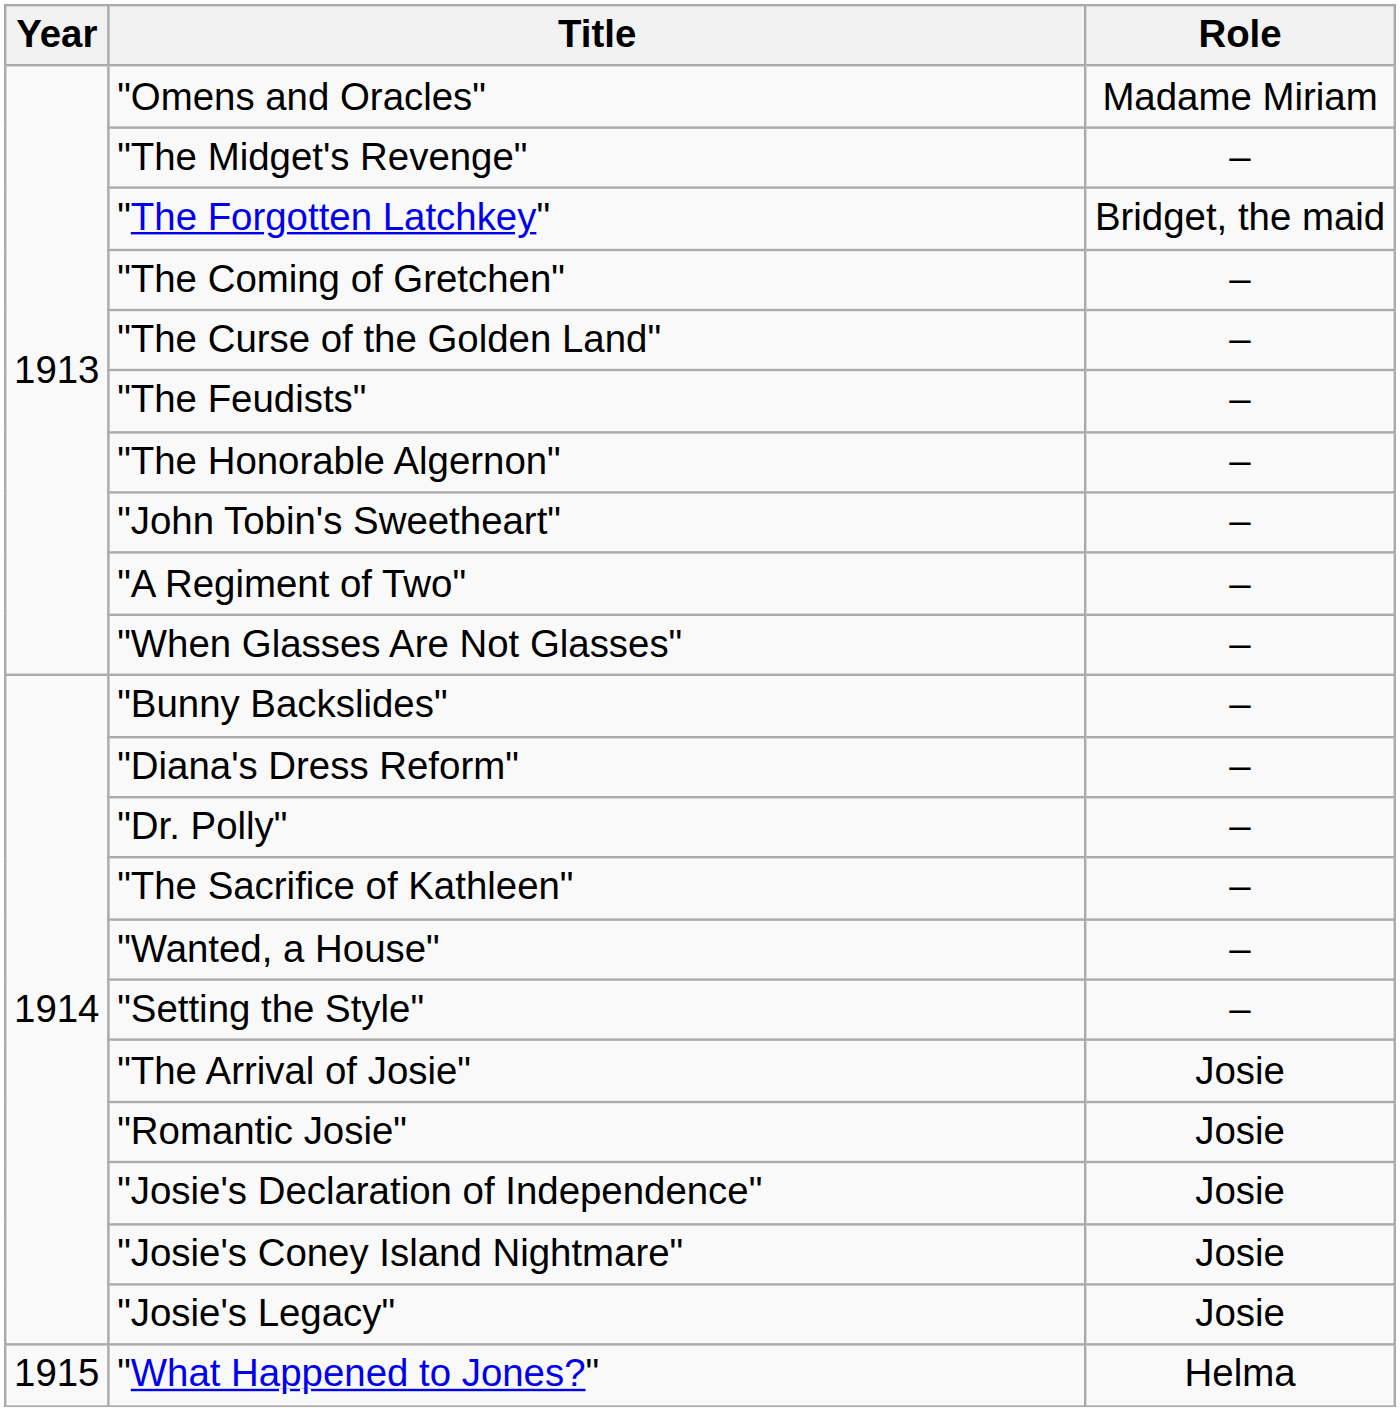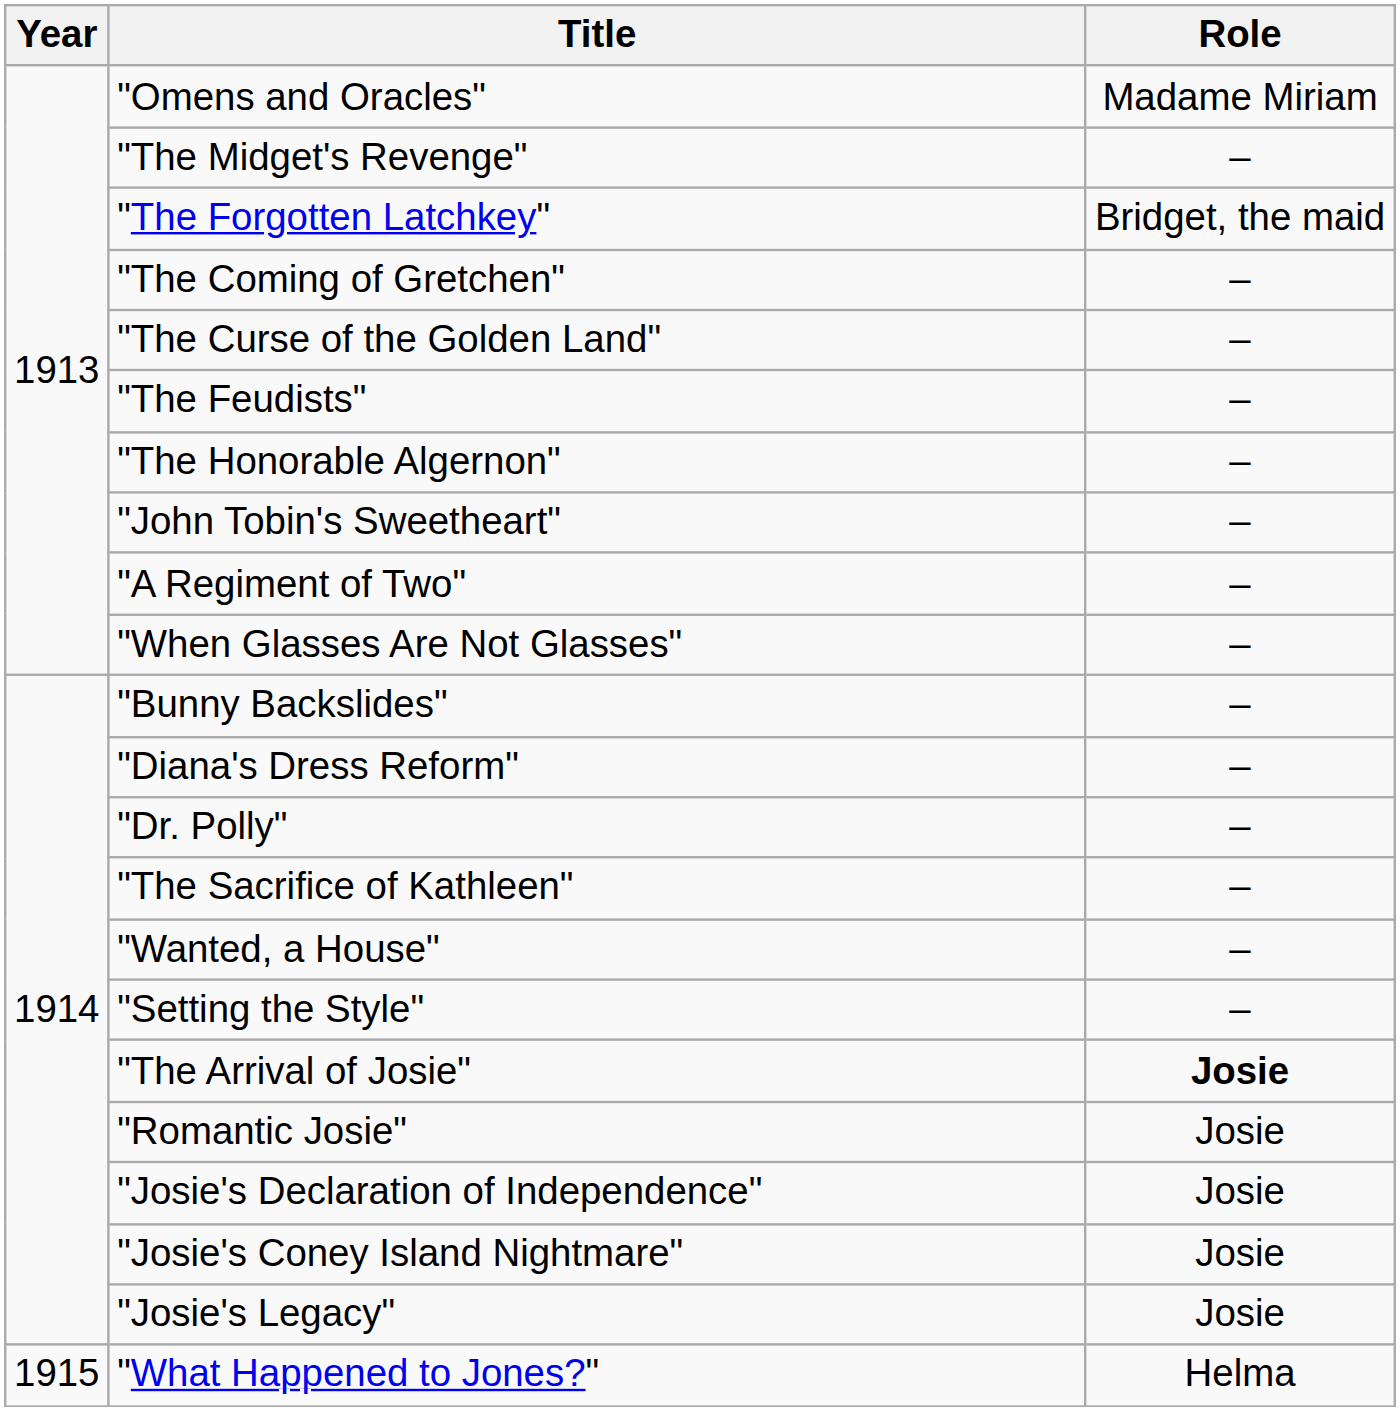 <table class="wikitable" style="text-align:center;">
 <tr>
 <th scope="col">Year</th>
 <th width="400" scope="col">Title</th>
 <th scope="col">Role</th>
 </tr>
 <tr>
 <td rowspan="10">1913</td>
 <td align="left">"Omens and Oracles"</td>
 <td>Madame Miriam</td>
 </tr>
 <tr>
 <td align="left">"The Midget's Revenge"</td>
 <td>–</td>
 </tr>
 <tr>
 <td align="left">"<a href='#'>The Forgotten Latchkey</a>"</td>
 <td>Bridget, the maid</td>
 </tr>
 <tr>
 <td align="left">"The Coming of Gretchen"</td>
 <td>–</td>
 </tr>
 <tr>
 <td align="left">"The Curse of the Golden Land"</td>
 <td>–</td>
 </tr>
 <tr>
 <td align="left">"The Feudists"</td>
 <td>–</td>
 </tr>
 <tr>
 <td align="left">"The Honorable Algernon"</td>
 <td>–</td>
 </tr>
 <tr>
 <td align="left">"John Tobin's Sweetheart"</td>
 <td>–</td>
 </tr>
 <tr>
 <td align="left">"A Regiment of Two"</td>
 <td>–</td>
 </tr>
 <tr>
 <td align="left">"When Glasses Are Not Glasses"</td>
 <td>–</td>
 </tr>
 <tr>
 <td rowspan="11">1914</td>
 <td align="left">"Bunny Backslides"</td>
 <td>–</td>
 </tr>
 <tr>
 <td align="left">"Diana's Dress Reform"</td>
 <td>–</td>
 </tr>
 <tr>
 <td align="left">"Dr. Polly"</td>
 <td>–</td>
 </tr>
 <tr>
 <td align="left">"The Sacrifice of Kathleen"</td>
 <td>–</td>
 </tr>
 <tr>
 <td align="left">"Wanted, a House"</td>
 <td>–</td>
 </tr>
 <tr>
 <td align="left">"Setting the Style"</td>
 <td>–</td>
 </tr>
 <tr>
 <td align="left">"The Arrival of Josie"</td>
-<td>Josie</td>
+<td><strong>Josie</strong></td>
 </tr>
 <tr>
 <td align="left">"Romantic Josie"</td>
 <td>Josie</td>
 </tr>
 <tr>
 <td align="left">"Josie's Declaration of Independence"</td>
 <td>Josie</td>
 </tr>
 <tr>
 <td align="left">"Josie's Coney Island Nightmare"</td>
 <td>Josie</td>
 </tr>
 <tr>
 <td align="left">"Josie's Legacy"</td>
 <td>Josie</td>
 </tr>
 <tr>
 <td rowspan="1">1915</td>
 <td align="left">"<a href='#'>What Happened to Jones?</a>"</td>
 <td>Helma</td>
 </tr>
 <tr>
 </tr>
 </table>
